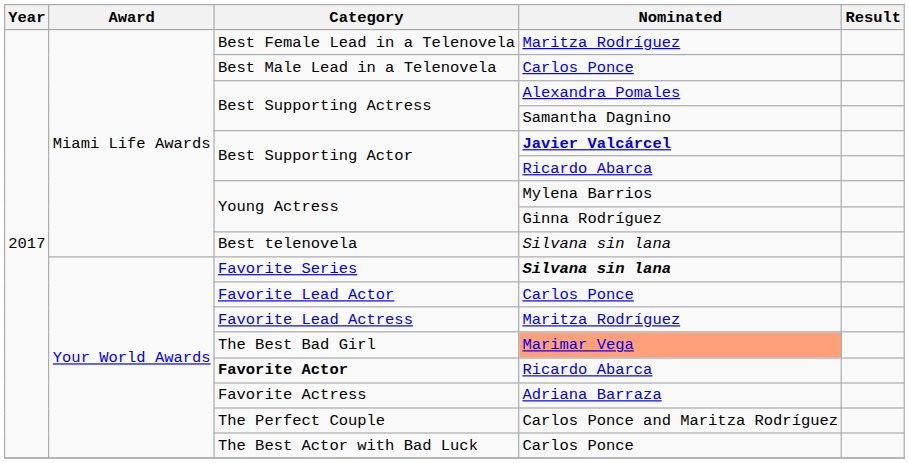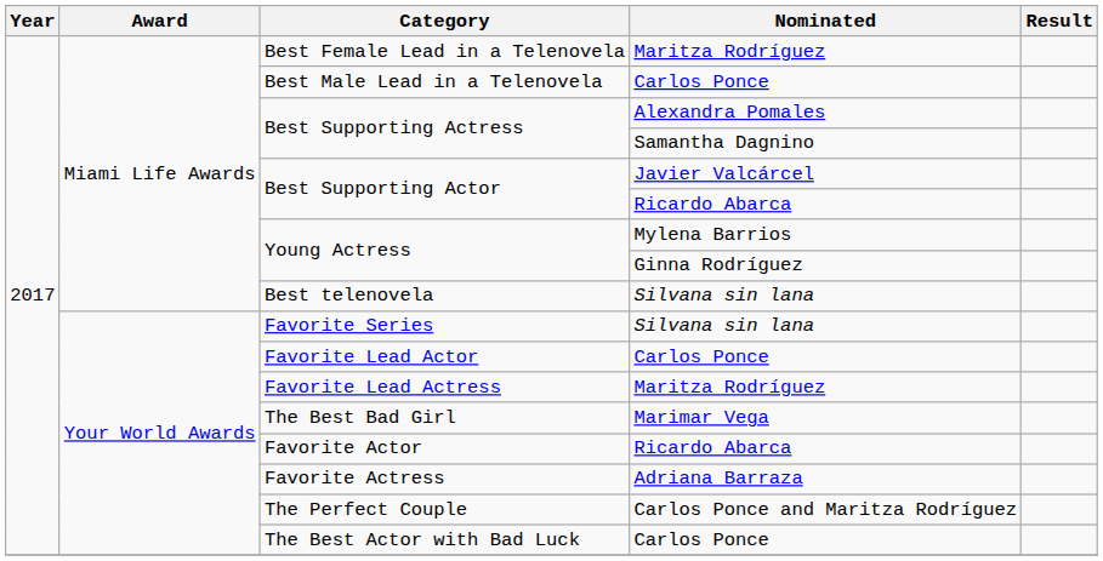 <table class="wikitable plainrowheaders">
 <tr>
 <th scope="col">Year</th>
 <th scope="col">Award</th>
 <th scope="col">Category</th>
 <th scope="col">Nominated</th>
 <th scope="col">Result</th>
 </tr>
 <tr>
 <td rowspan="17">2017</td>
 <td rowspan="9">Miami Life Awards</td>
 <td>Best Female Lead in a Telenovela</td>
 <td><a href='#'>Maritza Rodríguez</a></td>
 <td></td>
 </tr>
 <tr>
 <td>Best Male Lead in a Telenovela</td>
 <td><a href='#'>Carlos Ponce</a></td>
 <td></td>
 </tr>
 <tr>
 <td rowspan="2">Best Supporting Actress</td>
 <td><a href='#'>Alexandra Pomales</a></td>
 <td></td>
 </tr>
 <tr>
 <td>Samantha Dagnino</td>
 <td></td>
 </tr>
 <tr>
 <td rowspan="2">Best Supporting Actor</td>
-<td><strong><a href='#'>Javier Valcárcel</a></strong></td>
+<td><a href='#'>Javier Valcárcel</a></td>
 <td></td>
 </tr>
 <tr>
 <td><a href='#'>Ricardo Abarca</a></td>
 <td></td>
 </tr>
 <tr>
 <td rowspan="2">Young Actress</td>
 <td>Mylena Barrios</td>
 <td></td>
 </tr>
 <tr>
 <td>Ginna Rodríguez</td>
 <td></td>
 </tr>
 <tr>
 <td>Best telenovela</td>
 <td><em>Silvana sin lana</em></td>
 <td></td>
 </tr>
 <tr>
 <td rowspan="8"><a href='#'>Your World Awards</a></td>
 <td><a href='#'>Favorite Series</a></td>
-<td><strong><em>Silvana sin lana</em></strong></td>
+<td><em>Silvana sin lana</em></td>
 <td></td>
 </tr>
 <tr>
 <td><a href='#'>Favorite Lead Actor</a></td>
 <td><a href='#'>Carlos Ponce</a></td>
 <td></td>
 </tr>
 <tr>
 <td><a href='#'>Favorite Lead Actress</a></td>
 <td><a href='#'>Maritza Rodríguez</a></td>
 <td></td>
 </tr>
 <tr>
 <td>The Best Bad Girl</td>
-<td style="background: lightsalmon;"><a href='#'>Marimar Vega</a></td>
+<td><a href='#'>Marimar Vega</a></td>
 <td></td>
 </tr>
 <tr>
-<td><strong>Favorite Actor</strong></td>
+<td>Favorite Actor</td>
 <td><a href='#'>Ricardo Abarca</a></td>
 <td></td>
 </tr>
 <tr>
 <td>Favorite Actress</td>
 <td><a href='#'>Adriana Barraza</a></td>
 <td></td>
 </tr>
 <tr>
 <td>The Perfect Couple</td>
 <td>Carlos Ponce and Maritza Rodríguez</td>
 <td></td>
 </tr>
 <tr>
 <td>The Best Actor with Bad Luck</td>
 <td>Carlos Ponce</td>
 <td></td>
 </tr>
 <tr>
 </tr>
 </table>
